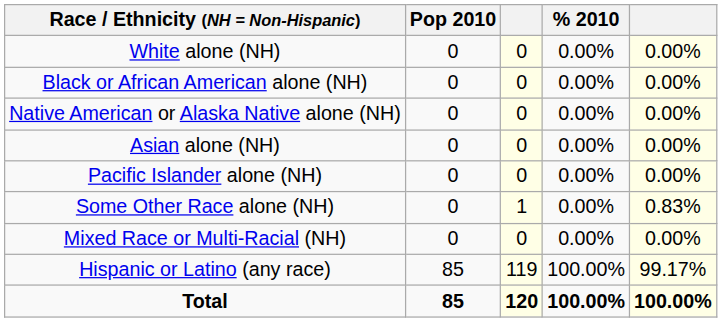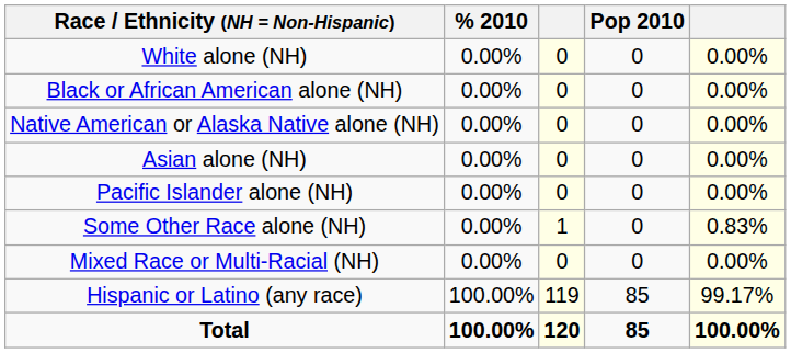 <table class="wikitable" style="text-align:center;">
 <tr>
 <th>Race / Ethnicity <small>(<em>NH = Non-Hispanic</em>)</small></th>
+<th>% 2010</th>
+<th></th>
 <th>Pop 2010</th>
-<th></th>
-<th>% 2010</th>
 <th></th>
 </tr>
 <tr>
 <td><a href='#'>White</a> alone (NH)</td>
+<td>0.00%</td>
+<td style='background: #ffffe6;'>0</td>
 <td>0</td>
-<td style='background: #ffffe6;'>0</td>
-<td>0.00%</td>
 <td style='background: #ffffe6;'>0.00%</td>
 </tr>
 <tr>
 <td><a href='#'>Black or African American</a> alone (NH)</td>
+<td>0.00%</td>
+<td style='background: #ffffe6;'>0</td>
 <td>0</td>
-<td style='background: #ffffe6;'>0</td>
-<td>0.00%</td>
 <td style='background: #ffffe6;'>0.00%</td>
 </tr>
 <tr>
 <td><a href='#'>Native American</a> or <a href='#'>Alaska Native</a> alone (NH)</td>
+<td>0.00%</td>
+<td style='background: #ffffe6;'>0</td>
 <td>0</td>
-<td style='background: #ffffe6;'>0</td>
-<td>0.00%</td>
 <td style='background: #ffffe6;'>0.00%</td>
 </tr>
 <tr>
 <td><a href='#'>Asian</a> alone (NH)</td>
+<td>0.00%</td>
+<td style='background: #ffffe6;'>0</td>
 <td>0</td>
-<td style='background: #ffffe6;'>0</td>
-<td>0.00%</td>
 <td style='background: #ffffe6;'>0.00%</td>
 </tr>
 <tr>
 <td><a href='#'>Pacific Islander</a> alone (NH)</td>
+<td>0.00%</td>
+<td style='background: #ffffe6;'>0</td>
 <td>0</td>
-<td style='background: #ffffe6;'>0</td>
-<td>0.00%</td>
 <td style='background: #ffffe6;'>0.00%</td>
 </tr>
 <tr>
 <td><a href='#'>Some Other Race</a> alone (NH)</td>
+<td>0.00%</td>
+<td style='background: #ffffe6;'>1</td>
 <td>0</td>
-<td style='background: #ffffe6;'>1</td>
-<td>0.00%</td>
 <td style='background: #ffffe6;'>0.83%</td>
 </tr>
 <tr>
 <td><a href='#'>Mixed Race or Multi-Racial</a> (NH)</td>
+<td>0.00%</td>
+<td style='background: #ffffe6;'>0</td>
 <td>0</td>
-<td style='background: #ffffe6;'>0</td>
-<td>0.00%</td>
 <td style='background: #ffffe6;'>0.00%</td>
 </tr>
 <tr>
 <td><a href='#'>Hispanic or Latino</a> (any race)</td>
+<td>100.00%</td>
+<td style='background: #ffffe6;'>119</td>
 <td>85</td>
-<td style='background: #ffffe6;'>119</td>
-<td>100.00%</td>
 <td style='background: #ffffe6;'>99.17%</td>
 </tr>
 <tr>
 <td><strong>Total</strong></td>
+<td><strong>100.00%</strong></td>
+<td style='background: #ffffe6;'><strong>120</strong></td>
 <td><strong>85</strong></td>
-<td style='background: #ffffe6;'><strong>120</strong></td>
-<td><strong>100.00%</strong></td>
 <td style='background: #ffffe6;'><strong>100.00%</strong></td>
 </tr>
 </table>
